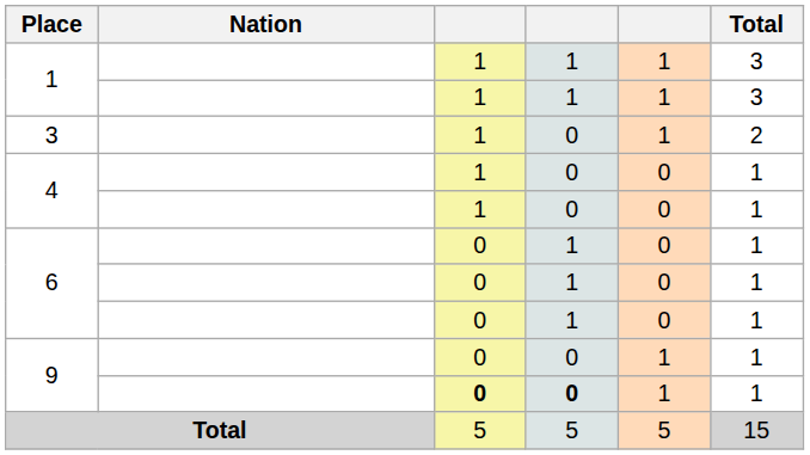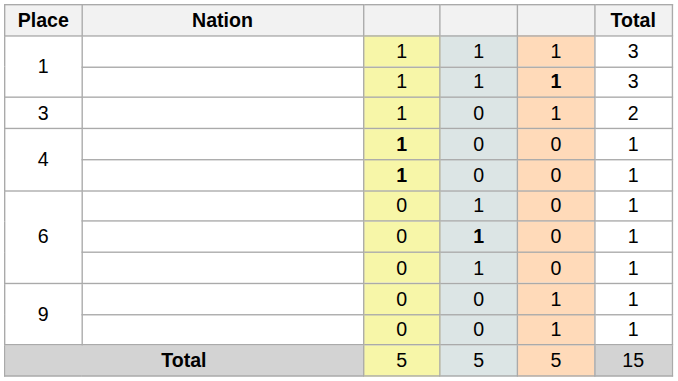 <table class="wikitable" style="border:1px solid #aaa; font-size:90%;">
 <tr style="background:#efefef;">
 <th width=50>Place</th>
 <th width=200>Nation</th>
 <th width=50></th>
 <th width=50></th>
 <th width=50></th>
 <th width=50>Total</th>
 </tr>
 <tr style="text-align:center; background:#fff;">
 <td rowspan="2">1</td>
 <td style="text-align:left;"></td>
 <td style="background:#F7F6A8;">1</td>
 <td style="background:#DCE5E5;">1</td>
 <td style="background:#FFDAB9;">1</td>
 <td>3</td>
 </tr>
 <tr style="text-align:center; background:#fff;">
 <td style="text-align:left;"></td>
 <td style="background:#F7F6A8;">1</td>
 <td style="background:#DCE5E5;">1</td>
-<td style="background:#FFDAB9;">1</td>
+<td style="background:#FFDAB9;"><strong>1</strong></td>
 <td>3</td>
 </tr>
 <tr style="text-align:center; background:#fff;">
 <td>3</td>
 <td style="text-align:left;"></td>
 <td style="background:#F7F6A8;">1</td>
 <td style="background:#DCE5E5;">0</td>
 <td style="background:#FFDAB9;">1</td>
 <td>2</td>
 </tr>
 <tr style="text-align:center; background:#fff;">
 <td rowspan="2">4</td>
 <td style="text-align:left;"></td>
-<td style="background:#F7F6A8;">1</td>
+<td style="background:#F7F6A8;"><strong>1</strong></td>
 <td style="background:#DCE5E5;">0</td>
 <td style="background:#FFDAB9;">0</td>
 <td>1</td>
 </tr>
 <tr style="text-align:center; background:#fff;">
 <td style="text-align:left;"></td>
-<td style="background:#F7F6A8;">1</td>
+<td style="background:#F7F6A8;"><strong>1</strong></td>
 <td style="background:#DCE5E5;">0</td>
 <td style="background:#FFDAB9;">0</td>
 <td>1</td>
 </tr>
 <tr style="text-align:center; background:#fff;">
 <td rowspan="3">6</td>
 <td style="text-align:left;"></td>
 <td style="background:#F7F6A8;">0</td>
 <td style="background:#DCE5E5;">1</td>
 <td style="background:#FFDAB9;">0</td>
 <td>1</td>
 </tr>
 <tr style="text-align:center; background:#fff;">
 <td style="text-align:left;"></td>
 <td style="background:#F7F6A8;">0</td>
-<td style="background:#DCE5E5;">1</td>
+<td style="background:#DCE5E5;"><strong>1</strong></td>
 <td style="background:#FFDAB9;">0</td>
 <td>1</td>
 </tr>
 <tr style="text-align:center; background:#fff;">
 <td style="text-align:left;"></td>
 <td style="background:#F7F6A8;">0</td>
 <td style="background:#DCE5E5;">1</td>
 <td style="background:#FFDAB9;">0</td>
 <td>1</td>
 </tr>
 <tr style="text-align:center; background:#fff;">
 <td rowspan="2">9</td>
 <td style="text-align:left;"></td>
 <td style="background:#F7F6A8;">0</td>
 <td style="background:#DCE5E5;">0</td>
 <td style="background:#FFDAB9;">1</td>
 <td>1</td>
 </tr>
 <tr style="text-align:center; background:#fff;">
 <td style="text-align:left;"></td>
-<td style="background:#F7F6A8;"><strong>0</strong></td>
-<td style="background:#DCE5E5;"><strong>0</strong></td>
+<td style="background:#F7F6A8;">0</td>
+<td style="background:#DCE5E5;">0</td>
 <td style="background:#FFDAB9;">1</td>
 <td>1</td>
 </tr>
 <tr style="text-align:center;">
 <td colspan="2" style="background:#d3d3d3;"><strong>Total</strong></td>
 <td style="background:#F7F6A8;">5</td>
 <td style="background:#DCE5E5;">5</td>
 <td style="background:#FFDAB9;">5</td>
 <td style="background:#d3d3d3;">15</td>
 </tr>
 </table>
